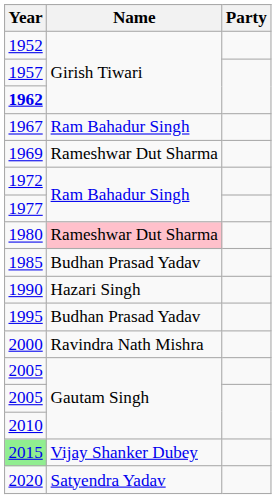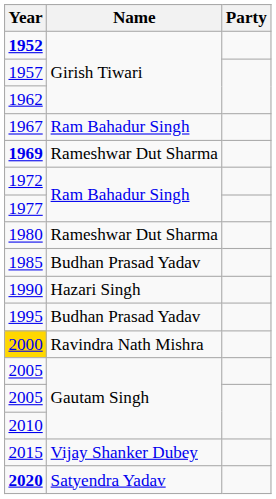 <table class="wikitable sortable">
 <tr>
 <th>Year</th>
 <th>Name</th>
 <th colspan="2">Party</th>
 </tr>
 <tr>
-<td><a href='#'>1952</a></td>
+<td><strong><a href='#'>1952</a></strong></td>
 <td rowspan="3">Girish Tiwari</td>
 <td></td>
 </tr>
 <tr>
 <td><a href='#'>1957</a></td>
 </tr>
 <tr>
-<td><strong><a href='#'>1962</a></strong></td>
+<td><a href='#'>1962</a></td>
 </tr>
 <tr>
 <td><a href='#'>1967</a></td>
 <td><a href='#'>Ram Bahadur Singh</a></td>
 <td></td>
 </tr>
 <tr>
-<td><a href='#'>1969</a></td>
+<td><strong><a href='#'>1969</a></strong></td>
 <td>Rameshwar Dut Sharma</td>
 <td></td>
 </tr>
 <tr>
 <td><a href='#'>1972</a></td>
 <td rowspan="2"><a href='#'>Ram Bahadur Singh</a></td>
 <td></td>
 </tr>
 <tr>
 <td><a href='#'>1977</a></td>
 <td></td>
 </tr>
 <tr>
 <td><a href='#'>1980</a></td>
-<td style="background: pink;">Rameshwar Dut Sharma</td>
+<td>Rameshwar Dut Sharma</td>
 <td></td>
 </tr>
 <tr>
 <td><a href='#'>1985</a></td>
 <td>Budhan Prasad Yadav</td>
 <td></td>
 </tr>
 <tr>
 <td><a href='#'>1990</a></td>
 <td>Hazari Singh</td>
 <td></td>
 </tr>
 <tr>
 <td><a href='#'>1995</a></td>
 <td>Budhan Prasad Yadav</td>
 <td></td>
 </tr>
 <tr>
-<td><a href='#'>2000</a></td>
+<td style="background: gold;"><a href='#'>2000</a></td>
 <td>Ravindra Nath Mishra</td>
 <td></td>
 </tr>
 <tr>
 <td><a href='#'>2005</a></td>
 <td rowspan="3">Gautam Singh</td>
 <td></td>
 </tr>
 <tr>
 <td><a href='#'>2005</a></td>
 </tr>
 <tr>
 <td><a href='#'>2010</a></td>
 </tr>
 <tr>
-<td style="background: lightgreen;"><a href='#'>2015</a></td>
+<td><a href='#'>2015</a></td>
 <td><a href='#'>Vijay Shanker Dubey</a></td>
 <td></td>
 </tr>
 <tr>
-<td><a href='#'>2020</a></td>
+<td><strong><a href='#'>2020</a></strong></td>
 <td><a href='#'>Satyendra Yadav</a></td>
 <td></td>
 </tr>
 </table>
